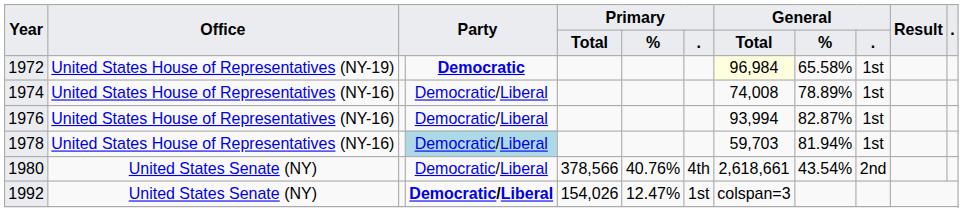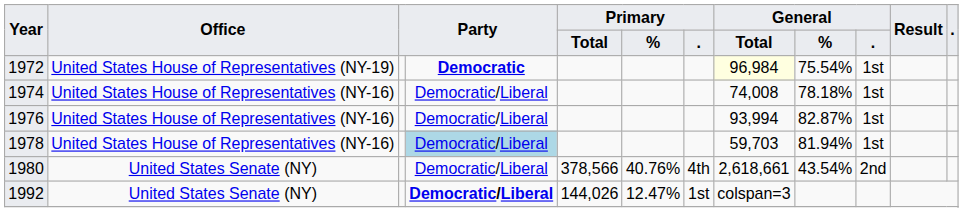 <table class="wikitable" style="font-size:90%; text-align:center;">
 <tr>
 <th style="background-color:#EAECF0;" rowspan=2>Year</th>
 <th style="background-color:#EAECF0;" rowspan=2>Office</th>
 <th style="background-color:#EAECF0;" colspan=2 rowspan=2>Party</th>
 <th style="background-color:#EAECF0;" colspan=3>Primary</th>
 <th style="background-color:#EAECF0;" colspan=3>General</th>
 <th style="background-color:#EAECF0;" rowspan=2>Result</th>
 <th style="background-color:#EAECF0;" rowspan=2>.</th>
 </tr>
 <tr>
 <th style="background-color:#EAECF0;">Total</th>
 <th style="background-color:#EAECF0;">%</th>
 <th style="background-color:#EAECF0;">.</th>
 <th style="background-color:#EAECF0;">Total</th>
 <th style="background-color:#EAECF0;">%</th>
 <th style="background-color:#EAECF0;">.</th>
 </tr>
 <tr>
 <td style="background-color:#EAECF0;">1972</td>
 <td><a href='#'>United States House of Representatives</a> (NY-19)</td>
 <td style="background-color:"></td>
 <td><strong><a href='#'>Democratic</a></strong></td>
 <td></td>
 <td></td>
 <td></td>
 <td style="background: lightyellow;">96,984</td>
-<td>65.58%</td>
+<td>75.54%</td>
 <td>1st</td>
 <td></td>
 <td></td>
 </tr>
 <tr>
 <td style="background-color:#EAECF0;">1974</td>
 <td><a href='#'>United States House of Representatives</a> (NY-16)</td>
 <td style="background-color:"></td>
 <td><a href='#'>Democratic</a>/<a href='#'>Liberal</a></td>
 <td></td>
 <td></td>
 <td></td>
 <td>74,008</td>
-<td>78.89%</td>
+<td>78.18%</td>
 <td>1st</td>
 <td></td>
 <td></td>
 </tr>
 <tr>
 <td style="background-color:#EAECF0;">1976</td>
 <td><a href='#'>United States House of Representatives</a> (NY-16)</td>
 <td style="background-color:"></td>
 <td><a href='#'>Democratic</a>/<a href='#'>Liberal</a></td>
 <td></td>
 <td></td>
 <td></td>
 <td>93,994</td>
 <td>82.87%</td>
 <td>1st</td>
 <td></td>
 <td></td>
 </tr>
 <tr>
 <td style="background-color:#EAECF0;">1978</td>
 <td><a href='#'>United States House of Representatives</a> (NY-16)</td>
 <td style="background-color:"></td>
 <td style="background: lightblue;"><a href='#'>Democratic</a>/<a href='#'>Liberal</a></td>
 <td></td>
 <td></td>
 <td></td>
 <td>59,703</td>
 <td>81.94%</td>
 <td>1st</td>
 <td></td>
 <td></td>
 </tr>
 <tr>
 <td style="background-color:#EAECF0;">1980</td>
 <td><a href='#'>United States Senate</a> (NY)</td>
 <td style="background-color:"></td>
 <td><a href='#'>Democratic</a>/<a href='#'>Liberal</a></td>
 <td>378,566</td>
 <td>40.76%</td>
 <td>4th</td>
 <td>2,618,661</td>
 <td>43.54%</td>
 <td>2nd</td>
 <td></td>
 <td></td>
 </tr>
 <tr>
 <td style="background-color:#EAECF0;">1992</td>
 <td><a href='#'>United States Senate</a> (NY)</td>
 <td style="background-color:"></td>
 <td><strong><a href='#'>Democratic</a>/<a href='#'>Liberal</a></strong></td>
-<td>154,026</td>
+<td>144,026</td>
 <td>12.47%</td>
 <td>1st</td>
 <td>colspan=3 </td>
 <td></td>
 <td></td>
 </tr>
 <tr>
 </tr>
 </table>
